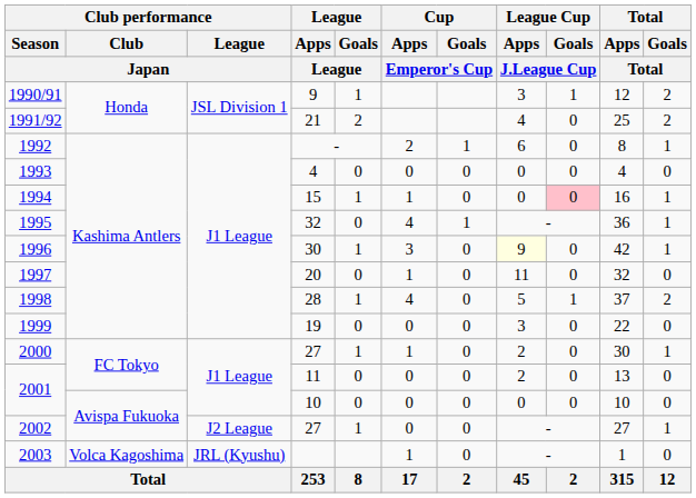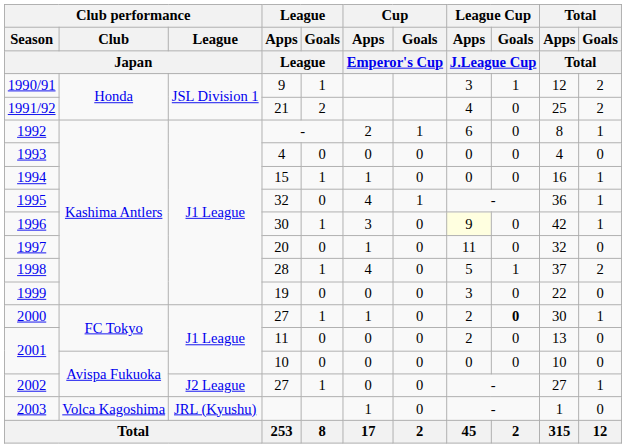 <table class="wikitable" style="text-align:center;">
 <tr>
 <th colspan=3>Club performance</th>
 <th colspan=2>League</th>
 <th colspan=2>Cup</th>
 <th colspan=2>League Cup</th>
 <th colspan=2>Total</th>
 </tr>
 <tr>
 <th>Season</th>
 <th>Club</th>
 <th>League</th>
 <th>Apps</th>
 <th>Goals</th>
 <th>Apps</th>
 <th>Goals</th>
 <th>Apps</th>
 <th>Goals</th>
 <th>Apps</th>
 <th>Goals</th>
 </tr>
 <tr>
 <th colspan=3>Japan</th>
 <th colspan=2>League</th>
 <th colspan=2><a href='#'>Emperor's Cup</a></th>
 <th colspan=2><a href='#'>J.League Cup</a></th>
 <th colspan=2>Total</th>
 </tr>
 <tr>
 <td><a href='#'>1990/91</a></td>
 <td rowspan="2"><a href='#'>Honda</a></td>
 <td rowspan="2"><a href='#'>JSL Division 1</a></td>
 <td>9</td>
 <td>1</td>
 <td></td>
 <td></td>
 <td>3</td>
 <td>1</td>
 <td>12</td>
 <td>2</td>
 </tr>
 <tr>
 <td><a href='#'>1991/92</a></td>
 <td>21</td>
 <td>2</td>
 <td></td>
 <td></td>
 <td>4</td>
 <td>0</td>
 <td>25</td>
 <td>2</td>
 </tr>
 <tr>
 <td><a href='#'>1992</a></td>
 <td rowspan="8"><a href='#'>Kashima Antlers</a></td>
 <td rowspan="8"><a href='#'>J1 League</a></td>
 <td colspan="2">-</td>
 <td>2</td>
 <td>1</td>
 <td>6</td>
 <td>0</td>
 <td>8</td>
 <td>1</td>
 </tr>
 <tr>
 <td><a href='#'>1993</a></td>
 <td>4</td>
 <td>0</td>
 <td>0</td>
 <td>0</td>
 <td>0</td>
 <td>0</td>
 <td>4</td>
 <td>0</td>
 </tr>
 <tr>
 <td><a href='#'>1994</a></td>
 <td>15</td>
 <td>1</td>
 <td>1</td>
 <td>0</td>
 <td>0</td>
-<td style="background: pink;">0</td>
+<td>0</td>
 <td>16</td>
 <td>1</td>
 </tr>
 <tr>
 <td><a href='#'>1995</a></td>
 <td>32</td>
 <td>0</td>
 <td>4</td>
 <td>1</td>
 <td colspan="2">-</td>
 <td>36</td>
 <td>1</td>
 </tr>
 <tr>
 <td><a href='#'>1996</a></td>
 <td>30</td>
 <td>1</td>
 <td>3</td>
 <td>0</td>
 <td style="background: lightyellow;">9</td>
 <td>0</td>
 <td>42</td>
 <td>1</td>
 </tr>
 <tr>
 <td><a href='#'>1997</a></td>
 <td>20</td>
 <td>0</td>
 <td>1</td>
 <td>0</td>
 <td>11</td>
 <td>0</td>
 <td>32</td>
 <td>0</td>
 </tr>
 <tr>
 <td><a href='#'>1998</a></td>
 <td>28</td>
 <td>1</td>
 <td>4</td>
 <td>0</td>
 <td>5</td>
 <td>1</td>
 <td>37</td>
 <td>2</td>
 </tr>
 <tr>
 <td><a href='#'>1999</a></td>
 <td>19</td>
 <td>0</td>
 <td>0</td>
 <td>0</td>
 <td>3</td>
 <td>0</td>
 <td>22</td>
 <td>0</td>
 </tr>
 <tr>
 <td><a href='#'>2000</a></td>
 <td rowspan="2"><a href='#'>FC Tokyo</a></td>
 <td rowspan="3"><a href='#'>J1 League</a></td>
 <td>27</td>
 <td>1</td>
 <td>1</td>
 <td>0</td>
 <td>2</td>
-<td>0</td>
+<td><strong>0</strong></td>
 <td>30</td>
 <td>1</td>
 </tr>
 <tr>
 <td rowspan="2"><a href='#'>2001</a></td>
 <td>11</td>
 <td>0</td>
 <td>0</td>
 <td>0</td>
 <td>2</td>
 <td>0</td>
 <td>13</td>
 <td>0</td>
 </tr>
 <tr>
 <td rowspan="2"><a href='#'>Avispa Fukuoka</a></td>
 <td>10</td>
 <td>0</td>
 <td>0</td>
 <td>0</td>
 <td>0</td>
 <td>0</td>
 <td>10</td>
 <td>0</td>
 </tr>
 <tr>
 <td><a href='#'>2002</a></td>
 <td><a href='#'>J2 League</a></td>
 <td>27</td>
 <td>1</td>
 <td>0</td>
 <td>0</td>
 <td colspan="2">-</td>
 <td>27</td>
 <td>1</td>
 </tr>
 <tr>
 <td><a href='#'>2003</a></td>
 <td><a href='#'>Volca Kagoshima</a></td>
 <td><a href='#'>JRL (Kyushu)</a></td>
 <td></td>
 <td></td>
 <td>1</td>
 <td>0</td>
 <td colspan="2">-</td>
 <td>1</td>
 <td>0</td>
 </tr>
 <tr>
 <th colspan=3>Total</th>
 <th>253</th>
 <th>8</th>
 <th>17</th>
 <th>2</th>
 <th>45</th>
 <th>2</th>
 <th>315</th>
 <th>12</th>
 </tr>
 </table>
